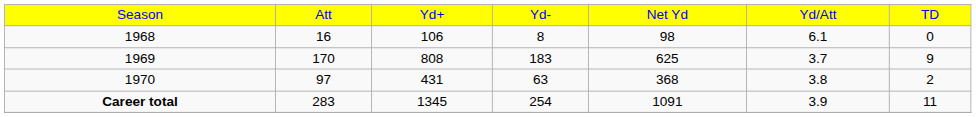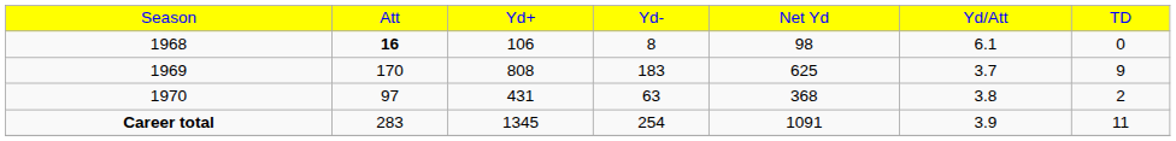 <table class="wikitable" width="90%">
 <tr align="center"  style="background:yellow;color:blue;">
 <td>Season</td>
 <td>Att</td>
 <td>Yd+</td>
 <td>Yd-</td>
 <td>Net Yd</td>
 <td>Yd/Att</td>
 <td>TD</td>
 </tr>
 <tr align="center" bgcolor="">
 <td>1968</td>
-<td>16</td>
+<td><strong>16</strong></td>
 <td>106</td>
 <td>8</td>
 <td>98</td>
 <td>6.1</td>
 <td>0</td>
 </tr>
 <tr align="center" bgcolor="">
 <td>1969</td>
 <td>170</td>
 <td>808</td>
 <td>183</td>
 <td>625</td>
 <td>3.7</td>
 <td>9</td>
 </tr>
 <tr align="center" bgcolor="">
 <td>1970</td>
 <td>97</td>
 <td>431</td>
 <td>63</td>
 <td>368</td>
 <td>3.8</td>
 <td>2</td>
 </tr>
 <tr align="center" bgcolor="">
 <td><strong>Career total</strong></td>
 <td>283</td>
 <td>1345</td>
 <td>254</td>
 <td>1091</td>
 <td>3.9</td>
 <td>11</td>
 </tr>
 <tr align="center" bgcolor="">
 </tr>
 </table>
